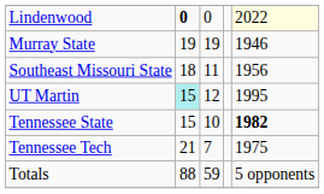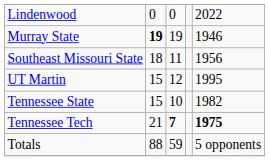 <table class="wikitable">
 <tr>
 </tr>
 <tr>
 <td><a href='#'>Lindenwood</a></td>
-<td><strong>0</strong></td>
+<td>0</td>
 <td>0</td>
 <td></td>
-<td style="background: lightyellow;">2022</td>
+<td>2022</td>
 </tr>
 <tr>
 <td><a href='#'>Murray State</a></td>
-<td>19</td>
+<td><strong>19</strong></td>
 <td>19</td>
 <td></td>
 <td>1946</td>
 </tr>
 <tr>
 <td><a href='#'>Southeast Missouri State</a></td>
 <td>18</td>
 <td>11</td>
 <td></td>
 <td>1956</td>
 </tr>
 <tr>
 <td><a href='#'>UT Martin</a></td>
-<td style="background: paleturquoise;">15</td>
+<td>15</td>
 <td>12</td>
 <td></td>
 <td>1995</td>
 </tr>
 <tr>
 <td><a href='#'>Tennessee State</a></td>
 <td>15</td>
 <td>10</td>
 <td></td>
-<td><strong>1982</strong></td>
+<td>1982</td>
 </tr>
 <tr>
 <td><a href='#'>Tennessee Tech</a></td>
 <td>21</td>
-<td>7</td>
+<td><strong>7</strong></td>
 <td></td>
-<td>1975</td>
+<td><strong>1975</strong></td>
 </tr>
 <tr>
 <td>Totals</td>
 <td>88</td>
 <td>59</td>
 <td></td>
 <td>5 opponents</td>
 </tr>
 <tr>
 </tr>
 </table>
